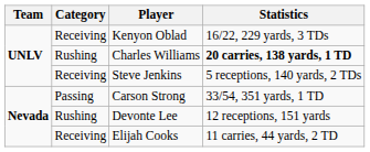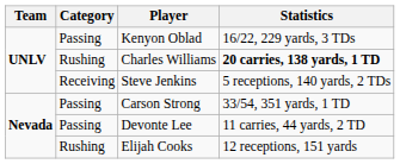 <table class="wikitable" style="float: left;">
 <tr>
 <th>Team</th>
 <th>Category</th>
 <th>Player</th>
 <th>Statistics</th>
 </tr>
 <tr>
 <td rowspan=3><strong>UNLV</strong></td>
-<td>Receiving</td>
+<td>Passing</td>
 <td>Kenyon Oblad</td>
 <td>16/22, 229 yards, 3 TDs</td>
 </tr>
 <tr>
 <td>Rushing</td>
 <td>Charles Williams</td>
 <td><strong>20 carries, 138 yards, 1 TD</strong></td>
 </tr>
 <tr>
 <td>Receiving</td>
 <td>Steve Jenkins</td>
 <td>5 receptions, 140 yards, 2 TDs</td>
 </tr>
 <tr>
 <td rowspan=3><strong>Nevada</strong></td>
 <td>Passing</td>
 <td>Carson Strong</td>
 <td>33/54, 351 yards, 1 TD</td>
 </tr>
 <tr>
+<td>Passing</td>
+<td>Devonte Lee</td>
+<td>11 carries, 44 yards, 2 TD</td>
+</tr>
+<tr>
 <td>Rushing</td>
-<td>Devonte Lee</td>
+<td>Elijah Cooks</td>
 <td>12 receptions, 151 yards</td>
 </tr>
-<tr>
-<td>Receiving</td>
-<td>Elijah Cooks</td>
-<td>11 carries, 44 yards, 2 TD</td>
-</tr>
 </table>
